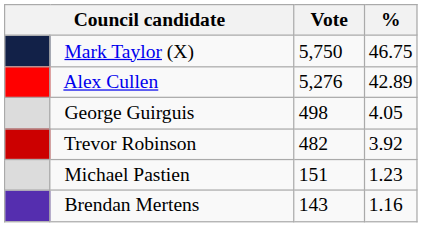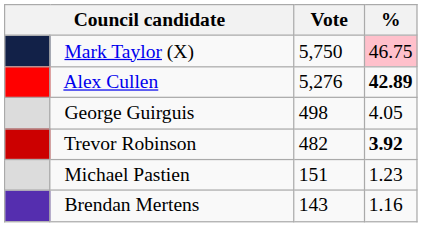 <table class="wikitable">
 <tr>
 <th width="230px" colspan="2">Council candidate</th>
 <th width="50px">Vote</th>
 <th width="30px">%</th>
 </tr>
 <tr>
 <td bgcolor=#122148 width="30px"> </td>
 <td>  <a href='#'>Mark Taylor</a> (X)</td>
 <td>5,750</td>
-<td>46.75</td>
+<td style="background: pink;">46.75</td>
 </tr>
 <tr>
 <td bgcolor=#FF0000 width="30px"> </td>
 <td>  <a href='#'>Alex Cullen</a></td>
 <td>5,276</td>
-<td>42.89</td>
+<td><strong>42.89</strong></td>
 </tr>
 <tr>
 <td bgcolor=#DCDCDC width="30px"> </td>
 <td>  George Guirguis</td>
 <td>498</td>
 <td>4.05</td>
 </tr>
 <tr>
 <td bgcolor=#CC0000 width="30px"> </td>
 <td>  Trevor Robinson</td>
 <td>482</td>
-<td>3.92</td>
+<td><strong>3.92</strong></td>
 </tr>
 <tr>
 <td bgcolor=#DCDCDC width="30px"> </td>
 <td>  Michael Pastien</td>
 <td>151</td>
 <td>1.23</td>
 </tr>
 <tr>
 <td bgcolor=#552EAF width="30px"> </td>
 <td>  Brendan Mertens</td>
 <td>143</td>
 <td>1.16</td>
 </tr>
 </table>
